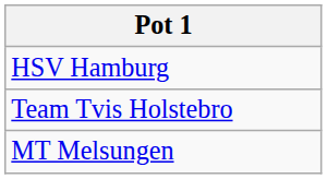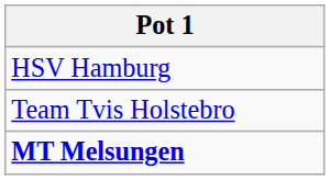 <table class="wikitable">
 <tr>
 <th width=185>Pot 1</th>
 </tr>
 <tr>
 <td> <a href='#'>HSV Hamburg</a></td>
 </tr>
 <tr>
 <td> <a href='#'>Team Tvis Holstebro</a></td>
 </tr>
 <tr>
-<td> <a href='#'>MT Melsungen</a></td>
+<td><strong> <a href='#'>MT Melsungen</a></strong></td>
 </tr>
 </table>
